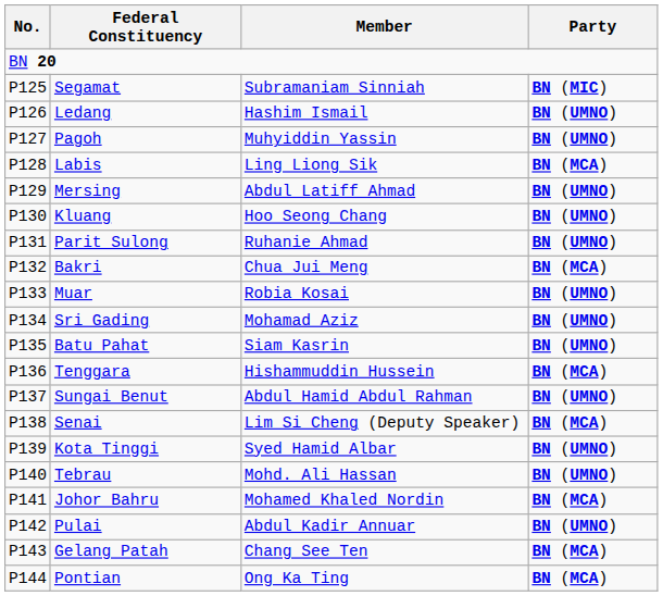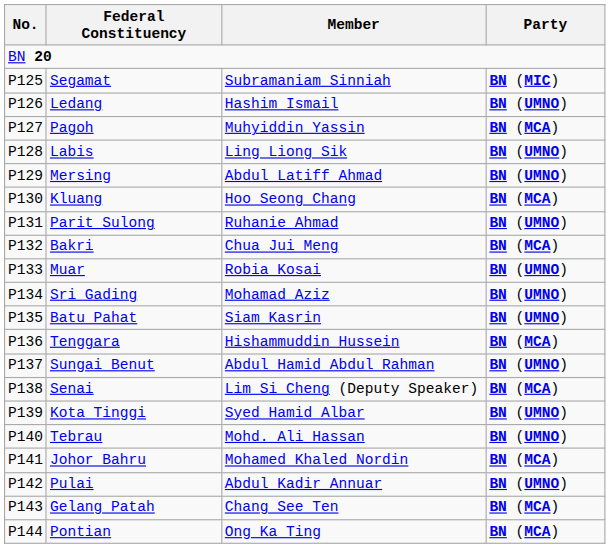 <table class="wikitable sortable">
 <tr>
 <th style="width:30px;">No.</th>
 <th style="width:150px;">Federal Constituency</th>
 <th style="width:230px;">Member</th>
 <th style="width:100px;">Party</th>
 </tr>
 <tr>
 <td colspan="4"><a href='#'>BN</a> <strong>20</strong></td>
 </tr>
 <tr>
 <td>P125</td>
 <td><a href='#'>Segamat</a></td>
 <td><a href='#'>Subramaniam Sinniah</a></td>
 <td><strong><a href='#'>BN</a></strong> (<strong><a href='#'>MIC</a></strong>)</td>
 </tr>
 <tr>
 <td>P126</td>
 <td><a href='#'>Ledang</a></td>
 <td><a href='#'>Hashim Ismail</a></td>
 <td><strong><a href='#'>BN</a></strong> (<strong><a href='#'>UMNO</a></strong>)</td>
 </tr>
 <tr>
 <td>P127</td>
 <td><a href='#'>Pagoh</a></td>
 <td><a href='#'>Muhyiddin Yassin</a></td>
-<td><strong><a href='#'>BN</a></strong> (<strong><a href='#'>UMNO</a></strong>)</td>
+<td><strong><a href='#'>BN</a></strong> (<strong><a href='#'>MCA</a></strong>)</td>
 </tr>
 <tr>
 <td>P128</td>
 <td><a href='#'>Labis</a></td>
 <td><a href='#'>Ling Liong Sik</a></td>
-<td><strong><a href='#'>BN</a></strong> (<strong><a href='#'>MCA</a></strong>)</td>
+<td><strong><a href='#'>BN</a></strong> (<strong><a href='#'>UMNO</a></strong>)</td>
 </tr>
 <tr>
 <td>P129</td>
 <td><a href='#'>Mersing</a></td>
 <td><a href='#'>Abdul Latiff Ahmad</a></td>
 <td><strong><a href='#'>BN</a></strong> (<strong><a href='#'>UMNO</a></strong>)</td>
 </tr>
 <tr>
 <td>P130</td>
 <td><a href='#'>Kluang</a></td>
 <td><a href='#'>Hoo Seong Chang</a></td>
-<td><strong><a href='#'>BN</a></strong> (<strong><a href='#'>UMNO</a></strong>)</td>
+<td><strong><a href='#'>BN</a></strong> (<strong><a href='#'>MCA</a></strong>)</td>
 </tr>
 <tr>
 <td>P131</td>
 <td><a href='#'>Parit Sulong</a></td>
 <td><a href='#'>Ruhanie Ahmad</a></td>
 <td><strong><a href='#'>BN</a></strong> (<strong><a href='#'>UMNO</a></strong>)</td>
 </tr>
 <tr>
 <td>P132</td>
 <td><a href='#'>Bakri</a></td>
 <td><a href='#'>Chua Jui Meng</a></td>
 <td><strong><a href='#'>BN</a></strong> (<strong><a href='#'>MCA</a></strong>)</td>
 </tr>
 <tr>
 <td>P133</td>
 <td><a href='#'>Muar</a></td>
 <td><a href='#'>Robia Kosai</a></td>
 <td><strong><a href='#'>BN</a></strong> (<strong><a href='#'>UMNO</a></strong>)</td>
 </tr>
 <tr>
 <td>P134</td>
 <td><a href='#'>Sri Gading</a></td>
 <td><a href='#'>Mohamad Aziz</a></td>
 <td><strong><a href='#'>BN</a></strong> (<strong><a href='#'>UMNO</a></strong>)</td>
 </tr>
 <tr>
 <td>P135</td>
 <td><a href='#'>Batu Pahat</a></td>
 <td><a href='#'>Siam Kasrin</a></td>
 <td><strong><a href='#'>BN</a></strong> (<strong><a href='#'>UMNO</a></strong>)</td>
 </tr>
 <tr>
 <td>P136</td>
 <td><a href='#'>Tenggara</a></td>
 <td><a href='#'>Hishammuddin Hussein</a></td>
 <td><strong><a href='#'>BN</a></strong> (<strong><a href='#'>MCA</a></strong>)</td>
 </tr>
 <tr>
 <td>P137</td>
 <td><a href='#'>Sungai Benut</a></td>
 <td><a href='#'>Abdul Hamid Abdul Rahman</a></td>
 <td><strong><a href='#'>BN</a></strong> (<strong><a href='#'>UMNO</a></strong>)</td>
 </tr>
 <tr>
 <td>P138</td>
 <td><a href='#'>Senai</a></td>
 <td><a href='#'>Lim Si Cheng</a> (Deputy Speaker)</td>
 <td><strong><a href='#'>BN</a></strong> (<strong><a href='#'>MCA</a></strong>)</td>
 </tr>
 <tr>
 <td>P139</td>
 <td><a href='#'>Kota Tinggi</a></td>
 <td><a href='#'>Syed Hamid Albar</a></td>
 <td><strong><a href='#'>BN</a></strong> (<strong><a href='#'>UMNO</a></strong>)</td>
 </tr>
 <tr>
 <td>P140</td>
 <td><a href='#'>Tebrau</a></td>
 <td><a href='#'>Mohd. Ali Hassan</a></td>
 <td><strong><a href='#'>BN</a></strong> (<strong><a href='#'>UMNO</a></strong>)</td>
 </tr>
 <tr>
 <td>P141</td>
 <td><a href='#'>Johor Bahru</a></td>
 <td><a href='#'>Mohamed Khaled Nordin</a></td>
 <td><strong><a href='#'>BN</a></strong> (<strong><a href='#'>MCA</a></strong>)</td>
 </tr>
 <tr>
 <td>P142</td>
 <td><a href='#'>Pulai</a></td>
 <td><a href='#'>Abdul Kadir Annuar</a></td>
 <td><strong><a href='#'>BN</a></strong> (<strong><a href='#'>UMNO</a></strong>)</td>
 </tr>
 <tr>
 <td>P143</td>
 <td><a href='#'>Gelang Patah</a></td>
 <td><a href='#'>Chang See Ten</a></td>
 <td><strong><a href='#'>BN</a></strong> (<strong><a href='#'>MCA</a></strong>)</td>
 </tr>
 <tr>
 <td>P144</td>
 <td><a href='#'>Pontian</a></td>
 <td><a href='#'>Ong Ka Ting</a></td>
 <td><strong><a href='#'>BN</a></strong> (<strong><a href='#'>MCA</a></strong>)</td>
 </tr>
 </table>
